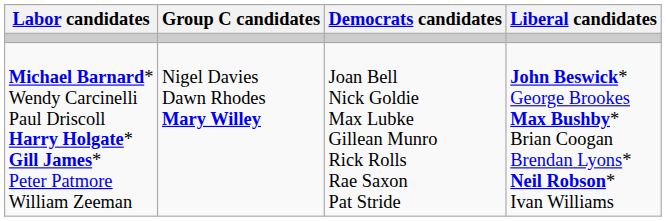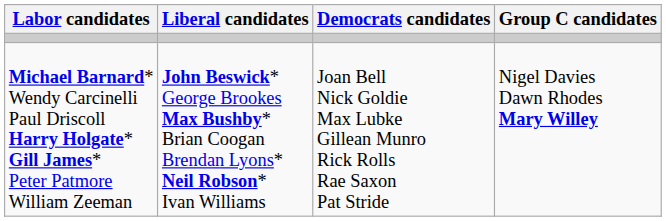 <table class="wikitable">
 <tr>
 <th><a href='#'>Labor</a> candidates</th>
+<th><a href='#'>Liberal</a> candidates</th>
+<th><a href='#'>Democrats</a> candidates</th>
 <th>Group C candidates</th>
-<th><a href='#'>Democrats</a> candidates</th>
-<th><a href='#'>Liberal</a> candidates</th>
 </tr>
 <tr bgcolor="#cccccc">
 <td></td>
 <td></td>
 <td></td>
 <td></td>
 </tr>
 <tr>
 <td><br><strong><a href='#'>Michael Barnard</a></strong>*<br> Wendy Carcinelli<br> Paul Driscoll<br> <strong><a href='#'>Harry Holgate</a></strong>*<br> <strong><a href='#'>Gill James</a></strong>*<br> <a href='#'>Peter Patmore</a><br> William Zeeman<br></td>
+<td><br><strong><a href='#'>John Beswick</a></strong>*<br> <a href='#'>George Brookes</a><br> <strong><a href='#'>Max Bushby</a></strong>*<br> Brian Coogan<br> <a href='#'>Brendan Lyons</a>*<br> <strong><a href='#'>Neil Robson</a></strong>*<br> Ivan Williams<br></td>
+<td valign=top><br>Joan Bell<br> Nick Goldie<br> Max Lubke<br> Gillean Munro<br> Rick Rolls<br> Rae Saxon<br> Pat Stride<br></td>
 <td valign=top><br>Nigel Davies<br> Dawn Rhodes<br> <strong><a href='#'>Mary Willey</a></strong></td>
-<td valign=top><br>Joan Bell<br> Nick Goldie<br> Max Lubke<br> Gillean Munro<br> Rick Rolls<br> Rae Saxon<br> Pat Stride<br></td>
-<td><br><strong><a href='#'>John Beswick</a></strong>*<br> <a href='#'>George Brookes</a><br> <strong><a href='#'>Max Bushby</a></strong>*<br> Brian Coogan<br> <a href='#'>Brendan Lyons</a>*<br> <strong><a href='#'>Neil Robson</a></strong>*<br> Ivan Williams<br></td>
 </tr>
 </table>
